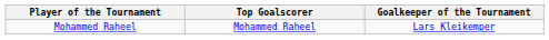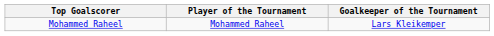 <table class=wikitable style="margin:auto; text-align:center">
 <tr>
+<th style="width: 250px;">Top Goalscorer</th>
 <th style="width: 250px;">Player of the Tournament</th>
-<th style="width: 250px;">Top Goalscorer</th>
 <th style="width: 250px;">Goalkeeper of the Tournament</th>
 </tr>
 <tr>
 <td> <a href='#'>Mohammed Raheel</a></td>
 <td> <a href='#'>Mohammed Raheel</a></td>
 <td> <a href='#'>Lars Kleikemper</a></td>
 </tr>
 </table>
